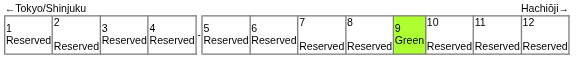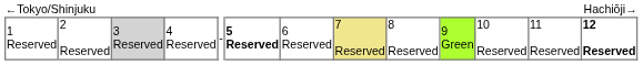 <table table border=0 cellspacing=0 cellpadding=1>
 <tr>
 <td colspan=6 align=lift>←Tokyo/Shinjuku</td>
 <td> </td>
 <td colspan="6" style="text-align:right;">Hachiōji→</td>
 </tr>
 <tr>
 <td style="width:40px; border-top:solid 2px gray; border-left:solid 2px gray; border-bottom:solid 2px gray; border-right:solid 2px gray;">1<br>Reserved</td>
 <td style="width:40px; border-top:solid 2px gray; border-bottom:solid 2px gray; border-right:solid 2px gray;">2<br><br>Reserved</td>
-<td style="width:40px; border-top:solid 2px gray; border-bottom:solid 2px gray; border-right:solid 2px gray;">3<br>Reserved</td>
+<td style="background: lightgrey; width:40px; border-top:solid 2px gray; border-bottom:solid 2px gray; border-right:solid 2px gray;">3<br>Reserved</td>
 <td style="width:40px; border-top:solid 2px gray; border-bottom:solid 2px gray; border-right:solid 2px gray;">4<br>Reserved</td>
 <td style="width:1px;; border-right:solid 2px gray;">-</td>
-<td style="width:40px; border-top:solid 2px gray; border-bottom:solid 2px gray; border-right:solid 2px gray;">5<br>Reserved</td>
+<td style="width:40px; border-top:solid 2px gray; border-bottom:solid 2px gray; border-right:solid 2px gray;"><strong>5<br>Reserved</strong></td>
 <td style="width:40px; border-top:solid 2px gray; border-bottom:solid 2px gray; border-right:solid 2px gray;">6<br>Reserved</td>
-<td style="width:40px; border-top:solid 2px gray; border-bottom:solid 2px gray; border-right:solid 2px gray;">7<br><br>Reserved</td>
+<td style="background: khaki; width:40px; border-top:solid 2px gray; border-bottom:solid 2px gray; border-right:solid 2px gray;">7<br><br>Reserved</td>
 <td style="width:40px; border-top:solid 2px gray; border-bottom:solid 2px gray; border-right:solid 2px gray;">8<br><br>Reserved</td>
 <td style="border-top:solid 2px gray; border-bottom:solid 2px gray; border-right:solid 2px gray; width:40px; background:greenyellow;">9<br>Green</td>
 <td style="width:40px; border-top:solid 2px gray; border-bottom:solid 2px gray; border-right:solid 2px gray;">10<br><br>Reserved</td>
 <td style="width:40px; border-top:solid 2px gray; border-bottom:solid 2px gray; border-right:solid 2px gray;">11<br><br>Reserved</td>
-<td style="width:40px; border-top:solid 2px gray; border-bottom:solid 2px gray; border-right:solid 2px gray;">12<br><br>Reserved</td>
+<td style="width:40px; border-top:solid 2px gray; border-bottom:solid 2px gray; border-right:solid 2px gray;"><strong>12<br><br>Reserved</strong></td>
 </tr>
 </table>
